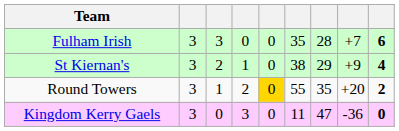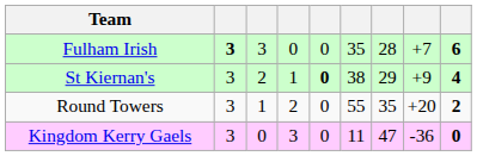 <table class="wikitable" style="text-align:center">
 <tr>
 <th style="width:175px;">Team</th>
 <th width="20"></th>
 <th width="20"></th>
 <th width="20"></th>
 <th width="20"></th>
 <th width="20"></th>
 <th width="20"></th>
 <th width="20"></th>
 <th width="20"></th>
 </tr>
 <tr style="background:#cfc;">
 <td><a href='#'>Fulham Irish</a></td>
-<td>3</td>
+<td><strong>3</strong></td>
 <td>3</td>
 <td>0</td>
 <td>0</td>
 <td>35</td>
 <td>28</td>
 <td>+7</td>
 <td><strong>6</strong></td>
 </tr>
 <tr style="background:#cfc;">
 <td><a href='#'>St Kiernan's</a></td>
 <td>3</td>
 <td>2</td>
 <td>1</td>
-<td>0</td>
+<td><strong>0</strong></td>
 <td>38</td>
 <td>29</td>
 <td>+9</td>
 <td><strong>4</strong></td>
 </tr>
 <tr>
 <td>Round Towers</td>
 <td>3</td>
 <td>1</td>
 <td>2</td>
-<td style="background: gold;">0</td>
+<td>0</td>
 <td>55</td>
 <td>35</td>
 <td>+20</td>
 <td><strong>2</strong></td>
 </tr>
 <tr style="background:#fcf;">
 <td><a href='#'>Kingdom Kerry Gaels</a></td>
 <td>3</td>
 <td>0</td>
 <td>3</td>
 <td>0</td>
 <td>11</td>
 <td>47</td>
 <td>-36</td>
 <td><strong>0</strong></td>
 </tr>
 </table>
